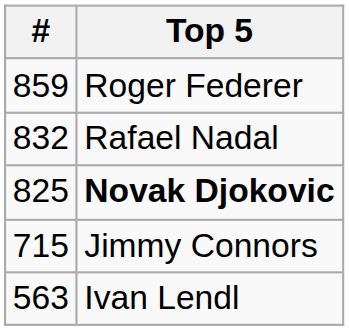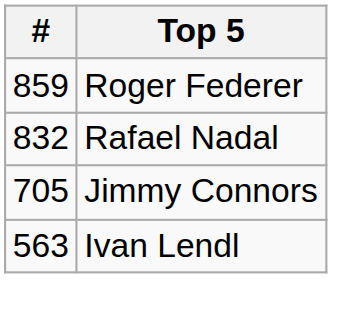 <table class="wikitable" style="display:inline-table;">
 <tr>
 <th>#</th>
 <th>Top 5</th>
 </tr>
 <tr>
 <td>859</td>
 <td> Roger Federer</td>
 </tr>
 <tr>
 <td>832</td>
 <td> Rafael Nadal</td>
 </tr>
 <tr>
-<td>825</td>
-<td> <strong>Novak Djokovic</strong></td>
-</tr>
-<tr>
-<td>715</td>
+<td>705</td>
 <td> Jimmy Connors</td>
 </tr>
 <tr>
 <td>563</td>
 <td> Ivan Lendl</td>
 </tr>
 </table>
